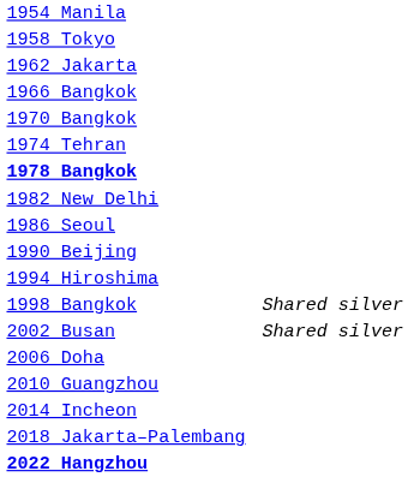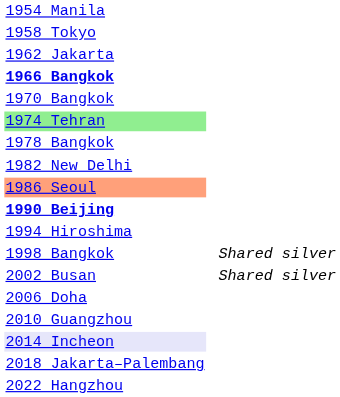 <table>
 <tr>
 <td><a href='#'>1954 Manila</a></td>
 <td></td>
 <td></td>
 <td></td>
 </tr>
 <tr>
 <td><a href='#'>1958 Tokyo</a></td>
 <td></td>
 <td></td>
 <td></td>
 </tr>
 <tr>
 <td><a href='#'>1962 Jakarta</a></td>
 <td></td>
 <td></td>
 <td></td>
 </tr>
 <tr>
-<td><a href='#'>1966 Bangkok</a></td>
+<td><strong><a href='#'>1966 Bangkok</a></strong></td>
 <td></td>
 <td></td>
 <td></td>
 </tr>
 <tr>
 <td><a href='#'>1970 Bangkok</a></td>
 <td></td>
 <td></td>
 <td></td>
 </tr>
 <tr>
-<td><a href='#'>1974 Tehran</a></td>
+<td style="background: lightgreen;"><a href='#'>1974 Tehran</a></td>
 <td></td>
 <td></td>
 <td></td>
 </tr>
 <tr>
-<td><strong><a href='#'>1978 Bangkok</a></strong></td>
+<td><a href='#'>1978 Bangkok</a></td>
 <td></td>
 <td></td>
 <td></td>
 </tr>
 <tr>
 <td><a href='#'>1982 New Delhi</a></td>
 <td></td>
 <td></td>
 <td></td>
 </tr>
 <tr>
-<td><a href='#'>1986 Seoul</a></td>
+<td style="background: lightsalmon;"><a href='#'>1986 Seoul</a></td>
 <td></td>
 <td></td>
 <td></td>
 </tr>
 <tr>
-<td><a href='#'>1990 Beijing</a></td>
+<td><strong><a href='#'>1990 Beijing</a></strong></td>
 <td></td>
 <td></td>
 <td></td>
 </tr>
 <tr>
 <td><a href='#'>1994 Hiroshima</a></td>
 <td></td>
 <td></td>
 <td></td>
 </tr>
 <tr>
 <td rowspan=2><a href='#'>1998 Bangkok</a></td>
 <td rowspan=2></td>
 <td></td>
 <td rowspan=2><em>Shared silver</em></td>
 </tr>
 <tr>
 <td></td>
 </tr>
 <tr>
 <td rowspan=2><a href='#'>2002 Busan</a></td>
 <td rowspan=2></td>
 <td></td>
 <td rowspan=2><em>Shared silver</em></td>
 </tr>
 <tr>
 <td></td>
 </tr>
 <tr>
 <td><a href='#'>2006 Doha</a></td>
 <td></td>
 <td></td>
 <td></td>
 </tr>
 <tr>
 <td><a href='#'>2010 Guangzhou</a></td>
 <td></td>
 <td></td>
 <td></td>
 </tr>
 <tr>
-<td><a href='#'>2014 Incheon</a></td>
+<td style="background: lavender;"><a href='#'>2014 Incheon</a></td>
 <td></td>
 <td></td>
 <td></td>
 </tr>
 <tr>
 <td><a href='#'>2018 Jakarta–Palembang</a></td>
 <td></td>
 <td></td>
 <td></td>
 </tr>
 <tr>
-<td><strong><a href='#'>2022 Hangzhou</a></strong></td>
+<td><a href='#'>2022 Hangzhou</a></td>
 <td></td>
 <td></td>
 <td></td>
 </tr>
 </table>
